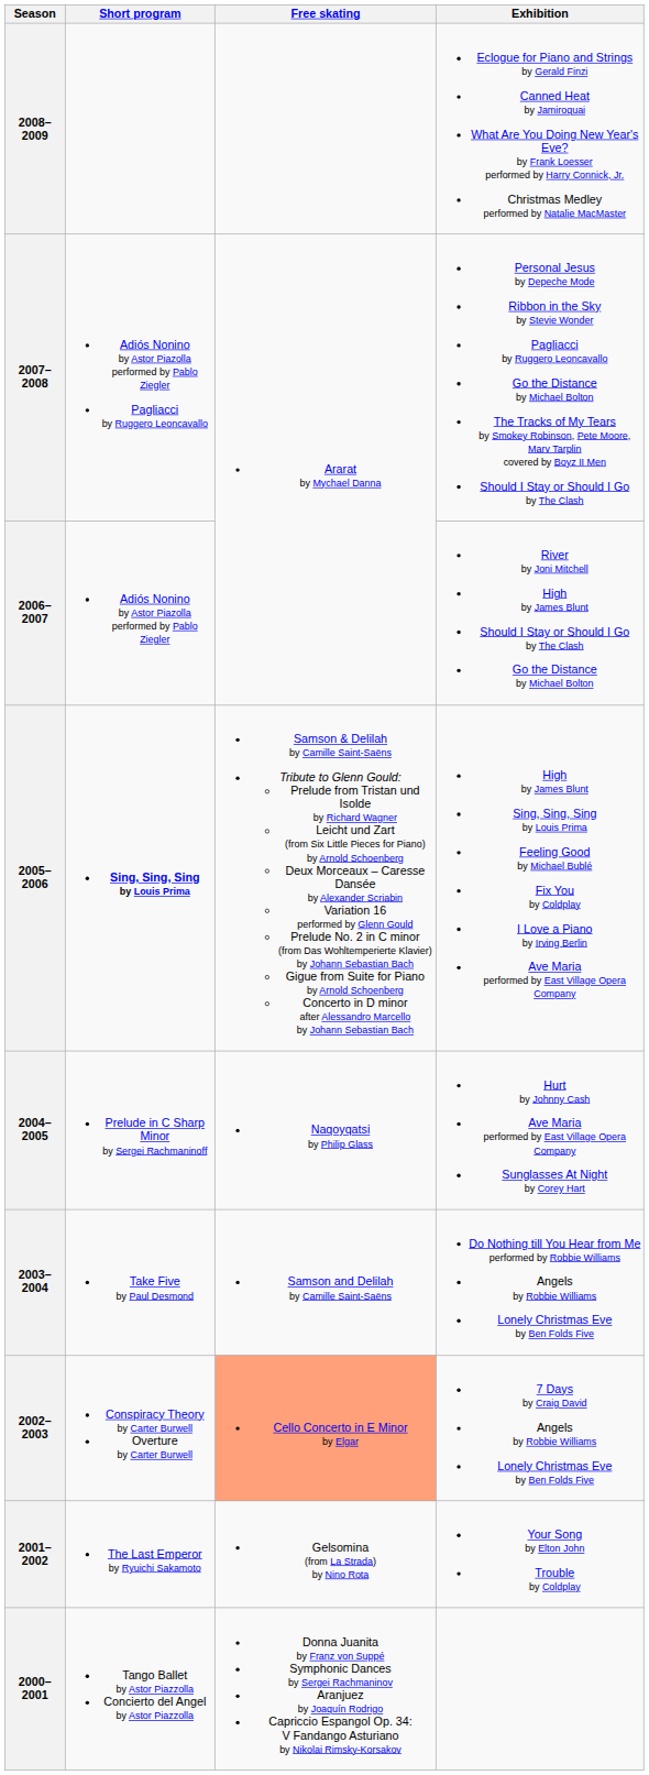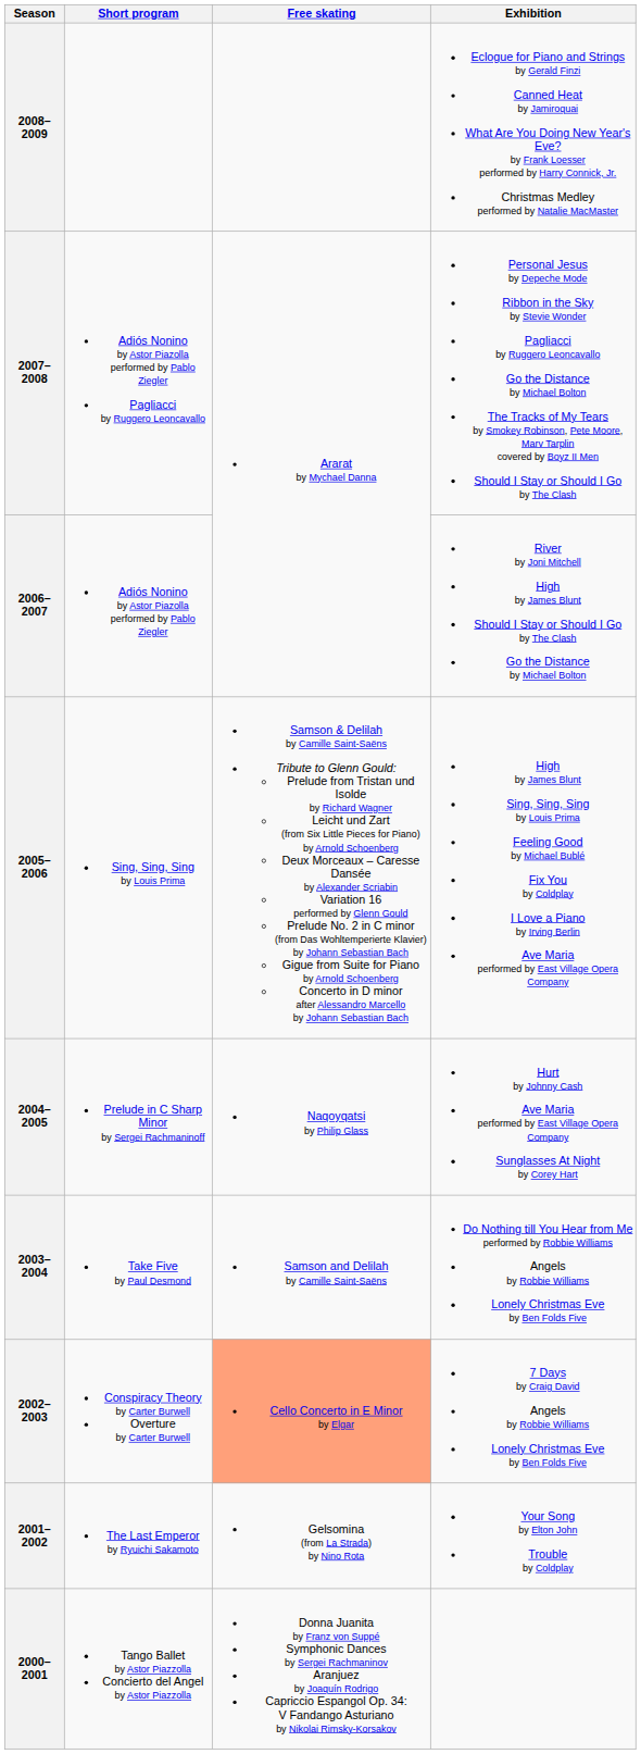 <table class="wikitable" style="text-align:center">
 <tr>
 <th>Season</th>
 <th><a href='#'>Short program</a></th>
 <th><a href='#'>Free skating</a></th>
 <th>Exhibition</th>
 </tr>
 <tr>
 <th>2008–2009 <br></th>
 <td></td>
 <td></td>
 <td><br><ul><li><a href='#'>Eclogue for Piano and Strings</a> <br><small> by <a href='#'>Gerald Finzi</a> </small></li></ul><ul><li><a href='#'>Canned Heat</a> <br><small> by <a href='#'>Jamiroquai</a> </small></li></ul><ul><li><a href='#'>What Are You Doing New Year's Eve?</a> <br><small> by <a href='#'>Frank Loesser</a> <br>performed by <a href='#'>Harry Connick, Jr.</a></small></li></ul><ul><li>Christmas Medley <br><small> performed by <a href='#'>Natalie MacMaster</a> </small></li></ul></td>
 </tr>
 <tr>
 <th>2007–2008 <br></th>
 <td><br><ul><li><a href='#'>Adiós Nonino</a> <br><small> by <a href='#'>Astor Piazolla</a> <br>performed by <a href='#'>Pablo Ziegler</a></small></li></ul><ul><li><a href='#'>Pagliacci</a> <br> <small> by <a href='#'>Ruggero Leoncavallo</a> </small></li></ul></td>
 <td rowspan="2"><br><ul><li><a href='#'>Ararat</a> <br> <small> by <a href='#'>Mychael Danna</a> </small></li></ul></td>
 <td><br><ul><li><a href='#'>Personal Jesus</a> <br> <small> by <a href='#'>Depeche Mode</a> </small></li></ul><ul><li><a href='#'>Ribbon in the Sky</a> <br> <small> by <a href='#'>Stevie Wonder</a> </small></li></ul><ul><li><a href='#'>Pagliacci</a> <br> <small> by <a href='#'>Ruggero Leoncavallo</a> </small></li></ul><ul><li><a href='#'>Go the Distance</a> <br><small> by <a href='#'>Michael Bolton</a> </small></li></ul><ul><li><a href='#'>The Tracks of My Tears</a> <br><small> by <a href='#'>Smokey Robinson</a>, <a href='#'>Pete Moore</a>, <a href='#'>Marv Tarplin</a> <br> covered by <a href='#'>Boyz II Men</a> </small></li></ul><ul><li><a href='#'>Should I Stay or Should I Go</a> <br><small> by <a href='#'>The Clash</a> </small></li></ul></td>
 </tr>
 <tr>
 <th>2006–2007 <br></th>
 <td><br><ul><li><a href='#'>Adiós Nonino</a> <br><small> by <a href='#'>Astor Piazolla</a> <br>performed by <a href='#'>Pablo Ziegler</a></small></li></ul></td>
 <td><br><ul><li><a href='#'>River</a> <br><small> by <a href='#'>Joni Mitchell</a> </small></li></ul><ul><li><a href='#'>High</a> <br><small> by <a href='#'>James Blunt</a> </small></li></ul><ul><li><a href='#'>Should I Stay or Should I Go</a> <br><small> by <a href='#'>The Clash</a> </small></li></ul><ul><li><a href='#'>Go the Distance</a> <br><small> by <a href='#'>Michael Bolton</a> </small></li></ul></td>
 </tr>
 <tr>
 <th>2005–2006 <br></th>
-<td><strong><br><ul><li><a href='#'>Sing, Sing, Sing</a> <br><small> by <a href='#'>Louis Prima</a> </small></li></ul></strong></td>
+<td><br><ul><li><a href='#'>Sing, Sing, Sing</a> <br><small> by <a href='#'>Louis Prima</a> </small></li></ul></td>
 <td><br><ul><li><a href='#'>Samson & Delilah</a> <br><small> by <a href='#'>Camille Saint-Saëns</a> </small></li></ul><ul><li><em>Tribute to Glenn Gould:</em><ul><li>Prelude from Tristan und Isolde <br><small> by <a href='#'>Richard Wagner</a> </small></li><li>Leicht und Zart <br><small> (from Six Little Pieces for Piano) <br> by <a href='#'>Arnold Schoenberg</a> </small></li><li>Deux Morceaux – Caresse Dansée <br><small> by <a href='#'>Alexander Scriabin</a> </small></li><li>Variation 16 <br><small> performed by <a href='#'>Glenn Gould</a> </small></li><li>Prelude No. 2 in C minor <br><small> (from Das Wohltemperierte Klavier) <br> by <a href='#'>Johann Sebastian Bach</a> </small></li><li>Gigue from Suite for Piano <br><small> by <a href='#'>Arnold Schoenberg</a> </small></li><li>Concerto in D minor <br><small> after <a href='#'>Alessandro Marcello</a> <br> by <a href='#'>Johann Sebastian Bach</a> </small></li></ul></li></ul></td>
 <td><br><ul><li><a href='#'>High</a> <br><small> by <a href='#'>James Blunt</a> </small></li></ul><ul><li><a href='#'>Sing, Sing, Sing</a> <br><small> by <a href='#'>Louis Prima</a> </small></li></ul><ul><li><a href='#'>Feeling Good</a> <br><small> by <a href='#'>Michael Bublé</a> </small></li></ul><ul><li><a href='#'>Fix You</a> <br><small> by <a href='#'>Coldplay</a> </small></li></ul><ul><li><a href='#'>I Love a Piano</a> <br><small> by <a href='#'>Irving Berlin</a> </small></li></ul><ul><li><a href='#'>Ave Maria</a> <br><small> performed by <a href='#'>East Village Opera Company</a> </small></li></ul></td>
 </tr>
 <tr>
 <th>2004–2005 <br></th>
 <td><br><ul><li><a href='#'>Prelude in C Sharp Minor</a> <br><small> by <a href='#'>Sergei Rachmaninoff</a> </small></li></ul></td>
 <td><br><ul><li><a href='#'>Naqoyqatsi</a> <br><small> by <a href='#'>Philip Glass</a> </small></li></ul></td>
 <td><br><ul><li><a href='#'>Hurt</a> <br><small> by <a href='#'>Johnny Cash</a> </small></li></ul><ul><li><a href='#'>Ave Maria</a> <br><small> performed by <a href='#'>East Village Opera Company</a> </small></li></ul><ul><li><a href='#'>Sunglasses At Night</a> <br><small> by <a href='#'>Corey Hart</a> </small></li></ul></td>
 </tr>
 <tr>
 <th>2003–2004 <br></th>
 <td><br><ul><li><a href='#'>Take Five</a> <br><small> by <a href='#'>Paul Desmond</a> </small></li></ul></td>
 <td><br><ul><li><a href='#'>Samson and Delilah</a> <br><small> by <a href='#'>Camille Saint-Saëns</a> </small></li></ul></td>
 <td><br><ul><li><a href='#'>Do Nothing till You Hear from Me</a> <br><small> performed by <a href='#'>Robbie Williams</a> </small></li></ul><ul><li>Angels <br><small> by <a href='#'>Robbie Williams</a> </small></li></ul><ul><li><a href='#'>Lonely Christmas Eve</a> <br><small> by <a href='#'>Ben Folds Five</a> </small></li></ul></td>
 </tr>
 <tr>
 <th>2002–2003 <br></th>
 <td><br><ul><li><a href='#'>Conspiracy Theory</a> <br><small> by <a href='#'>Carter Burwell</a> </small></li><li>Overture <br><small> by <a href='#'>Carter Burwell</a> </small></li></ul></td>
 <td style="background: lightsalmon;"><br><ul><li><a href='#'>Cello Concerto in E Minor</a> <br><small> by <a href='#'>Elgar</a> </small></li></ul></td>
 <td><br><ul><li><a href='#'>7 Days</a> <br><small> by <a href='#'>Craig David</a> </small></li></ul><ul><li>Angels <br><small> by <a href='#'>Robbie Williams</a> </small></li></ul><ul><li><a href='#'>Lonely Christmas Eve</a> <br><small> by <a href='#'>Ben Folds Five</a> </small></li></ul></td>
 </tr>
 <tr>
 <th>2001–2002 <br></th>
 <td><br><ul><li><a href='#'>The Last Emperor</a> <br><small> by <a href='#'>Ryuichi Sakamoto</a> </small></li></ul></td>
 <td><br><ul><li>Gelsomina <br><small> (from <a href='#'>La Strada</a>) <br> by <a href='#'>Nino Rota</a> </small></li></ul></td>
 <td><br><ul><li><a href='#'>Your Song</a> <br><small> by <a href='#'>Elton John</a> </small></li></ul><ul><li><a href='#'>Trouble</a> <br><small> by <a href='#'>Coldplay</a> </small></li></ul></td>
 </tr>
 <tr>
 <th>2000–2001 <br></th>
 <td><br><ul><li>Tango Ballet <br><small> by <a href='#'>Astor Piazzolla</a> </small></li><li>Concierto del Angel <br><small> by <a href='#'>Astor Piazzolla</a> </small></li></ul></td>
 <td><br><ul><li>Donna Juanita <br><small> by <a href='#'>Franz von Suppé</a> </small></li><li>Symphonic Dances <br><small> by <a href='#'>Sergei Rachmaninov</a> </small></li><li>Aranjuez <br><small> by <a href='#'>Joaquín Rodrigo</a> </small></li><li>Capriccio Espangol Op. 34: <br> V Fandango Asturiano <br><small> by <a href='#'>Nikolai Rimsky-Korsakov</a> </small></li></ul></td>
 <td></td>
 </tr>
 </table>
